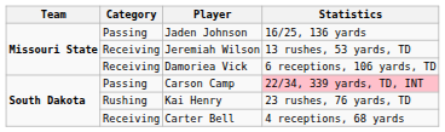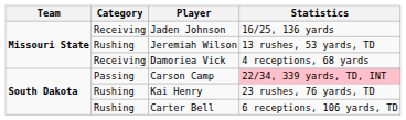 <table class="wikitable" style="float: right;">
 <tr>
 <th>Team</th>
 <th>Category</th>
 <th>Player</th>
 <th>Statistics</th>
 </tr>
 <tr>
 <td rowspan=3><strong>Missouri State</strong></td>
-<td>Passing</td>
+<td>Receiving</td>
 <td>Jaden Johnson</td>
 <td>16/25, 136 yards</td>
 </tr>
 <tr>
-<td>Receiving</td>
+<td>Rushing</td>
 <td>Jeremiah Wilson</td>
 <td>13 rushes, 53 yards, TD</td>
 </tr>
 <tr>
 <td>Receiving</td>
 <td>Damoriea Vick</td>
-<td>6 receptions, 106 yards, TD</td>
+<td>4 receptions, 68 yards</td>
 </tr>
 <tr>
 <td rowspan=3><strong>South Dakota</strong></td>
 <td>Passing</td>
 <td>Carson Camp</td>
 <td style="background: pink;">22/34, 339 yards, TD, INT</td>
 </tr>
 <tr>
 <td>Rushing</td>
 <td>Kai Henry</td>
 <td>23 rushes, 76 yards, TD</td>
 </tr>
 <tr>
-<td>Receiving</td>
+<td>Rushing</td>
 <td>Carter Bell</td>
-<td>4 receptions, 68 yards</td>
+<td>6 receptions, 106 yards, TD</td>
 </tr>
 </table>
